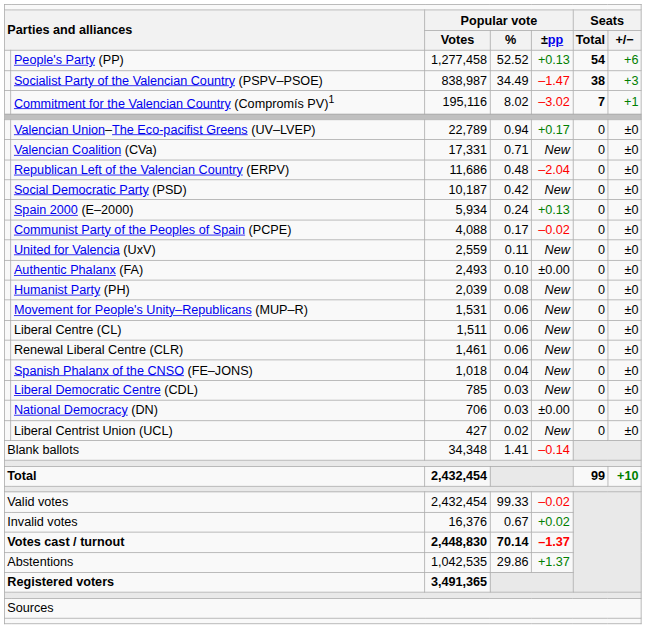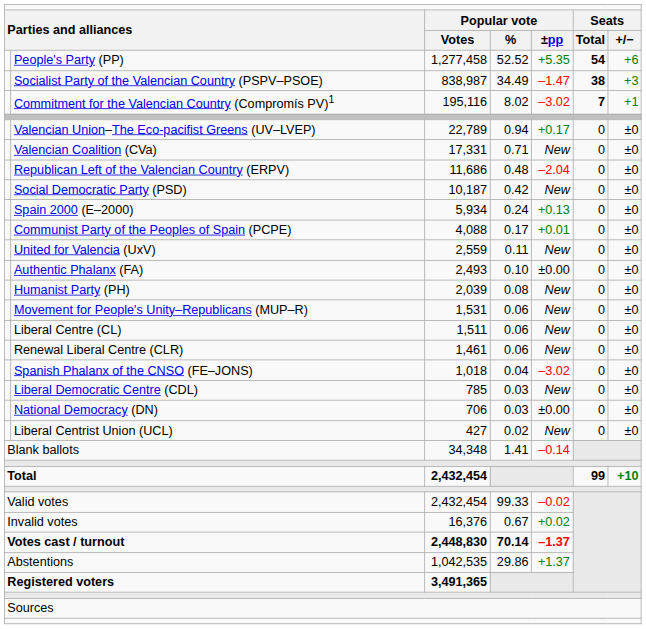 <table class="wikitable" style="text-align:right;">
 <tr>
 <td colspan="7"></td>
 </tr>
 <tr>
 <th style="text-align:left;" rowspan="2" colspan="2" width="525">Parties and alliances</th>
 <th colspan="3">Popular vote</th>
 <th colspan="2">Seats</th>
 </tr>
 <tr>
 <th width="75">Votes</th>
 <th width="45">%</th>
 <th width="45">±<a href='#'>pp</a></th>
 <th width="35">Total</th>
 <th width="35">+/−</th>
 </tr>
 <tr>
 <td width="1" style="color:inherit;background:"></td>
 <td align="left"><a href='#'>People's Party</a> (PP)</td>
 <td>1,277,458</td>
 <td>52.52</td>
-<td style="color:green;">+0.13</td>
+<td style="color:green;">+5.35</td>
 <td><strong>54</strong></td>
 <td style="color:green;">+6</td>
 </tr>
 <tr>
 <td style="color:inherit;background:"></td>
 <td align="left"><a href='#'>Socialist Party of the Valencian Country</a> (PSPV–PSOE)</td>
 <td>838,987</td>
 <td>34.49</td>
 <td style="color:red;">–1.47</td>
 <td><strong>38</strong></td>
 <td style="color:green;">+3</td>
 </tr>
 <tr>
 <td style="color:inherit;background:"></td>
 <td align="left"><a href='#'>Commitment for the Valencian Country</a> (Compromís PV)<sup>1</sup></td>
 <td>195,116</td>
 <td>8.02</td>
 <td style="color:red;">–3.02</td>
 <td><strong>7</strong></td>
 <td style="color:green;">+1</td>
 </tr>
 <tr>
 <td colspan="7" bgcolor="#C0C0C0"></td>
 </tr>
 <tr>
 <td style="color:inherit;background:"></td>
 <td align="left"><a href='#'>Valencian Union</a>–<a href='#'>The Eco-pacifist Greens</a> (UV–LVEP)</td>
 <td>22,789</td>
 <td>0.94</td>
 <td style="color:green;">+0.17</td>
 <td>0</td>
 <td>±0</td>
 </tr>
 <tr>
 <td style="color:inherit;background:"></td>
 <td align="left"><a href='#'>Valencian Coalition</a> (CVa)</td>
 <td>17,331</td>
 <td>0.71</td>
 <td><em>New</em></td>
 <td>0</td>
 <td>±0</td>
 </tr>
 <tr>
 <td style="color:inherit;background:"></td>
 <td align="left"><a href='#'>Republican Left of the Valencian Country</a> (ERPV)</td>
 <td>11,686</td>
 <td>0.48</td>
 <td style="color:red;">–2.04</td>
 <td>0</td>
 <td>±0</td>
 </tr>
 <tr>
 <td style="color:inherit;background:"></td>
 <td align="left"><a href='#'>Social Democratic Party</a> (PSD)</td>
 <td>10,187</td>
 <td>0.42</td>
 <td><em>New</em></td>
 <td>0</td>
 <td>±0</td>
 </tr>
 <tr>
 <td style="color:inherit;background:"></td>
 <td align="left"><a href='#'>Spain 2000</a> (E–2000)</td>
 <td>5,934</td>
 <td>0.24</td>
 <td style="color:green;">+0.13</td>
 <td>0</td>
 <td>±0</td>
 </tr>
 <tr>
 <td style="color:inherit;background:"></td>
 <td align="left"><a href='#'>Communist Party of the Peoples of Spain</a> (PCPE)</td>
 <td>4,088</td>
 <td>0.17</td>
-<td style="color:red;">–0.02</td>
+<td style="color:green;">+0.01</td>
 <td>0</td>
 <td>±0</td>
 </tr>
 <tr>
 <td style="color:inherit;background:"></td>
 <td align="left"><a href='#'>United for Valencia</a> (UxV)</td>
 <td>2,559</td>
 <td>0.11</td>
 <td><em>New</em></td>
 <td>0</td>
 <td>±0</td>
 </tr>
 <tr>
 <td style="color:inherit;background:"></td>
 <td align="left"><a href='#'>Authentic Phalanx</a> (FA)</td>
 <td>2,493</td>
 <td>0.10</td>
 <td>±0.00</td>
 <td>0</td>
 <td>±0</td>
 </tr>
 <tr>
 <td style="color:inherit;background:"></td>
 <td align="left"><a href='#'>Humanist Party</a> (PH)</td>
 <td>2,039</td>
 <td>0.08</td>
 <td><em>New</em></td>
 <td>0</td>
 <td>±0</td>
 </tr>
 <tr>
 <td style="color:inherit;background:"></td>
 <td align="left"><a href='#'>Movement for People's Unity–Republicans</a> (MUP–R)</td>
 <td>1,531</td>
 <td>0.06</td>
 <td><em>New</em></td>
 <td>0</td>
 <td>±0</td>
 </tr>
 <tr>
 <td style="color:inherit;background:"></td>
 <td align="left">Liberal Centre (CL)</td>
 <td>1,511</td>
 <td>0.06</td>
 <td><em>New</em></td>
 <td>0</td>
 <td>±0</td>
 </tr>
 <tr>
 <td style="color:inherit;background:"></td>
 <td align="left">Renewal Liberal Centre (CLR)</td>
 <td>1,461</td>
 <td>0.06</td>
 <td><em>New</em></td>
 <td>0</td>
 <td>±0</td>
 </tr>
 <tr>
 <td style="color:inherit;background:"></td>
 <td align="left"><a href='#'>Spanish Phalanx of the CNSO</a> (FE–JONS)</td>
 <td>1,018</td>
 <td>0.04</td>
-<td><em>New</em></td>
+<td style="color:red;">–3.02</td>
 <td>0</td>
 <td>±0</td>
 </tr>
 <tr>
 <td style="color:inherit;background:"></td>
 <td align="left"><a href='#'>Liberal Democratic Centre</a> (CDL)</td>
 <td>785</td>
 <td>0.03</td>
 <td><em>New</em></td>
 <td>0</td>
 <td>±0</td>
 </tr>
 <tr>
 <td style="color:inherit;background:"></td>
 <td align="left"><a href='#'>National Democracy</a> (DN)</td>
 <td>706</td>
 <td>0.03</td>
 <td>±0.00</td>
 <td>0</td>
 <td>±0</td>
 </tr>
 <tr>
 <td style="color:inherit;background:"></td>
 <td align="left">Liberal Centrist Union (UCL)</td>
 <td>427</td>
 <td>0.02</td>
 <td><em>New</em></td>
 <td>0</td>
 <td>±0</td>
 </tr>
 <tr>
 <td align="left" colspan="2">Blank ballots</td>
 <td>34,348</td>
 <td>1.41</td>
 <td style="color:red;">–0.14</td>
 <td bgcolor="#E9E9E9" colspan="2"></td>
 </tr>
 <tr>
 <td colspan="7" bgcolor="#E9E9E9"></td>
 </tr>
 <tr style="font-weight:bold;">
 <td align="left" colspan="2">Total</td>
 <td>2,432,454</td>
 <td bgcolor="#E9E9E9" colspan="2"></td>
 <td>99</td>
 <td style="color:green;">+10</td>
 </tr>
 <tr>
 <td colspan="7" bgcolor="#E9E9E9"></td>
 </tr>
 <tr>
 <td align="left" colspan="2">Valid votes</td>
 <td>2,432,454</td>
 <td>99.33</td>
 <td style="color:red;">–0.02</td>
 <td bgcolor="#E9E9E9" colspan="2" rowspan="5"></td>
 </tr>
 <tr>
 <td align="left" colspan="2">Invalid votes</td>
 <td>16,376</td>
 <td>0.67</td>
 <td style="color:green;">+0.02</td>
 </tr>
 <tr style="font-weight:bold;">
 <td align="left" colspan="2">Votes cast / turnout</td>
 <td>2,448,830</td>
 <td>70.14</td>
 <td style="color:red;">–1.37</td>
 </tr>
 <tr>
 <td align="left" colspan="2">Abstentions</td>
 <td>1,042,535</td>
 <td>29.86</td>
 <td style="color:green;">+1.37</td>
 </tr>
 <tr style="font-weight:bold;">
 <td align="left" colspan="2">Registered voters</td>
 <td>3,491,365</td>
 <td bgcolor="#E9E9E9" colspan="2"></td>
 </tr>
 <tr>
 <td colspan="7" bgcolor="#E9E9E9"></td>
 </tr>
 <tr>
 <td align="left" colspan="7">Sources</td>
 </tr>
 <tr>
 <td colspan="7" style="text-align:left; max-width:790px;"></td>
 </tr>
 </table>
